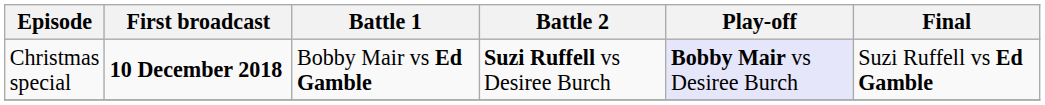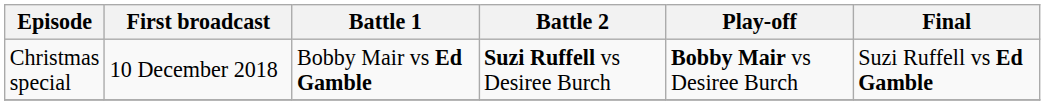 <table class="wikitable" style="width:85%;">
 <tr>
 <th style="width:8%;">Episode</th>
 <th style="width:18%;">First broadcast</th>
 <th style="width:18%;">Battle 1</th>
 <th style="width:18%;">Battle 2</th>
 <th style="width:18%;">Play-off</th>
 <th style="width:18%;">Final</th>
 </tr>
 <tr>
 <td>Christmas special</td>
-<td><strong>10 December 2018</strong></td>
+<td>10 December 2018</td>
 <td>Bobby Mair vs <strong>Ed Gamble</strong></td>
 <td><strong>Suzi Ruffell</strong> vs Desiree Burch</td>
-<td style="background: lavender;"><strong>Bobby Mair</strong> vs Desiree Burch</td>
+<td><strong>Bobby Mair</strong> vs Desiree Burch</td>
 <td>Suzi Ruffell vs <strong>Ed Gamble</strong></td>
 </tr>
 <tr>
 </tr>
 </table>
